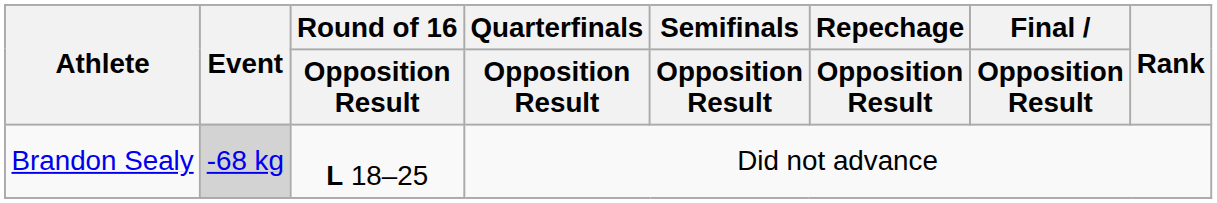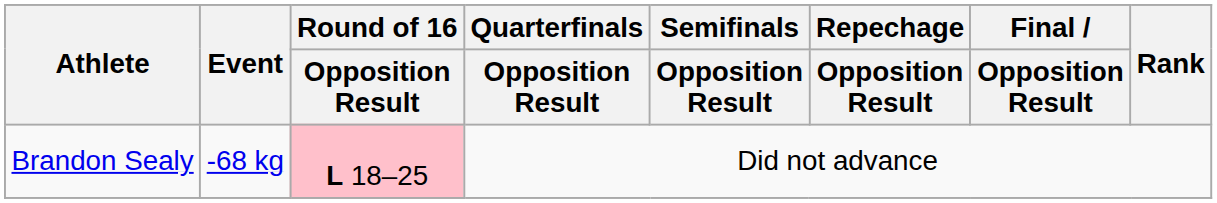 <table class="wikitable" style="font-size:90%">
 <tr>
 <th rowspan="2">Athlete</th>
 <th rowspan="2">Event</th>
 <th>Round of 16</th>
 <th>Quarterfinals</th>
 <th>Semifinals</th>
 <th>Repechage</th>
 <th>Final / </th>
 <th rowspan="2">Rank</th>
 </tr>
 <tr>
 <th>Opposition<br>Result</th>
 <th>Opposition<br>Result</th>
 <th>Opposition<br>Result</th>
 <th>Opposition<br>Result</th>
 <th>Opposition<br>Result</th>
 </tr>
 <tr align=center>
 <td align=left><a href='#'>Brandon Sealy</a></td>
-<td align=left style="background: lightgrey;"><a href='#'>-68 kg</a></td>
-<td><br><strong>L</strong> 18–25</td>
+<td align=left><a href='#'>-68 kg</a></td>
+<td style="background: pink;"><br><strong>L</strong> 18–25</td>
 <td colspan=5>Did not advance</td>
 </tr>
 </table>
